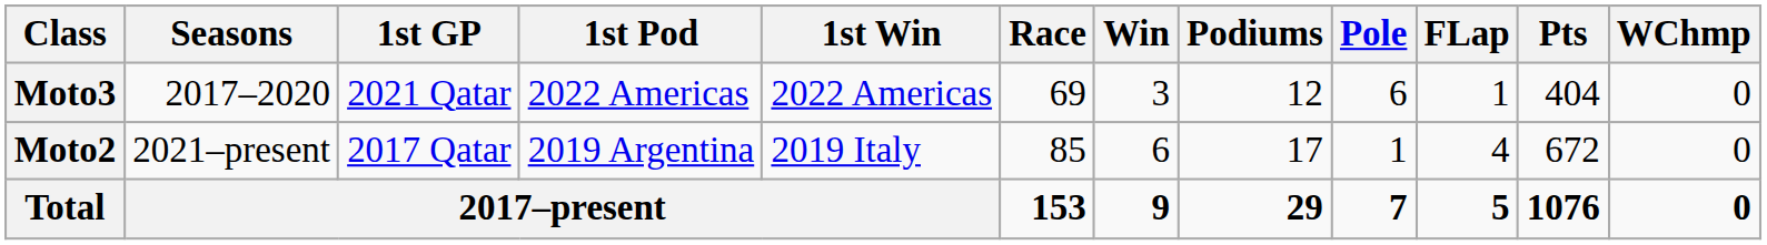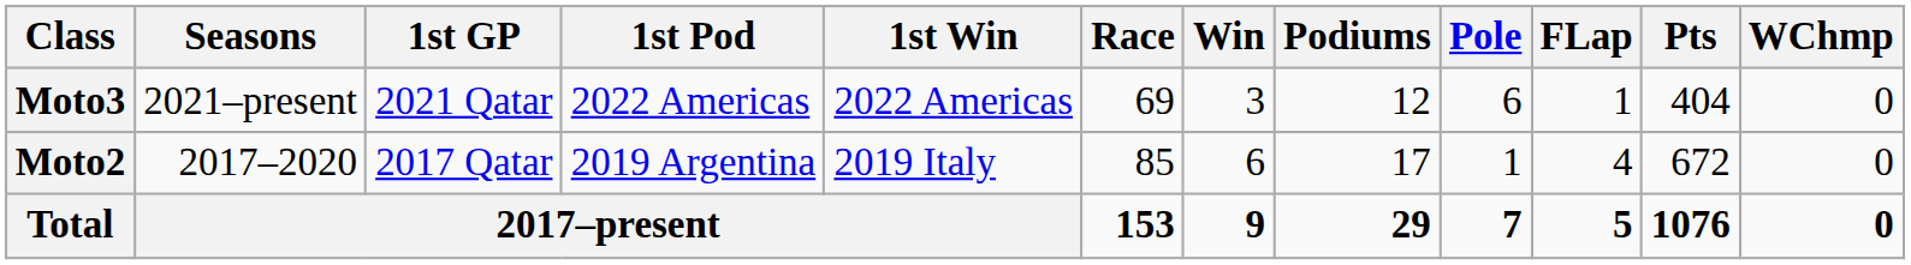 <table class="wikitable" style="text-align:right;">
 <tr>
 <th>Class</th>
 <th>Seasons</th>
 <th>1st GP</th>
 <th>1st Pod</th>
 <th>1st Win</th>
 <th>Race</th>
 <th>Win</th>
 <th>Podiums</th>
 <th><a href='#'>Pole</a></th>
 <th>FLap</th>
 <th>Pts</th>
 <th>WChmp</th>
 </tr>
 <tr>
 <th>Moto3</th>
-<td>2017–2020</td>
+<td>2021–present</td>
 <td style="text-align:left;"><a href='#'>2021 Qatar</a></td>
 <td style="text-align:left;"><a href='#'>2022 Americas</a></td>
 <td style="text-align:left;"><a href='#'>2022 Americas</a></td>
 <td>69</td>
 <td>3</td>
 <td>12</td>
 <td>6</td>
 <td>1</td>
 <td>404</td>
 <td>0</td>
 </tr>
 <tr>
 <th>Moto2</th>
-<td>2021–present</td>
+<td>2017–2020</td>
 <td style="text-align:left;"><a href='#'>2017 Qatar</a></td>
 <td style="text-align:left;"><a href='#'>2019 Argentina</a></td>
 <td style="text-align:left;"><a href='#'>2019 Italy</a></td>
 <td>85</td>
 <td>6</td>
 <td>17</td>
 <td>1</td>
 <td>4</td>
 <td>672</td>
 <td>0</td>
 </tr>
 <tr>
 <th>Total</th>
 <th colspan="4">2017–present</th>
 <td><strong>153</strong></td>
 <td><strong>9</strong></td>
 <td><strong>29</strong></td>
 <td><strong>7</strong></td>
 <td><strong>5</strong></td>
 <td><strong>1076</strong></td>
 <td><strong>0</strong></td>
 </tr>
 </table>
